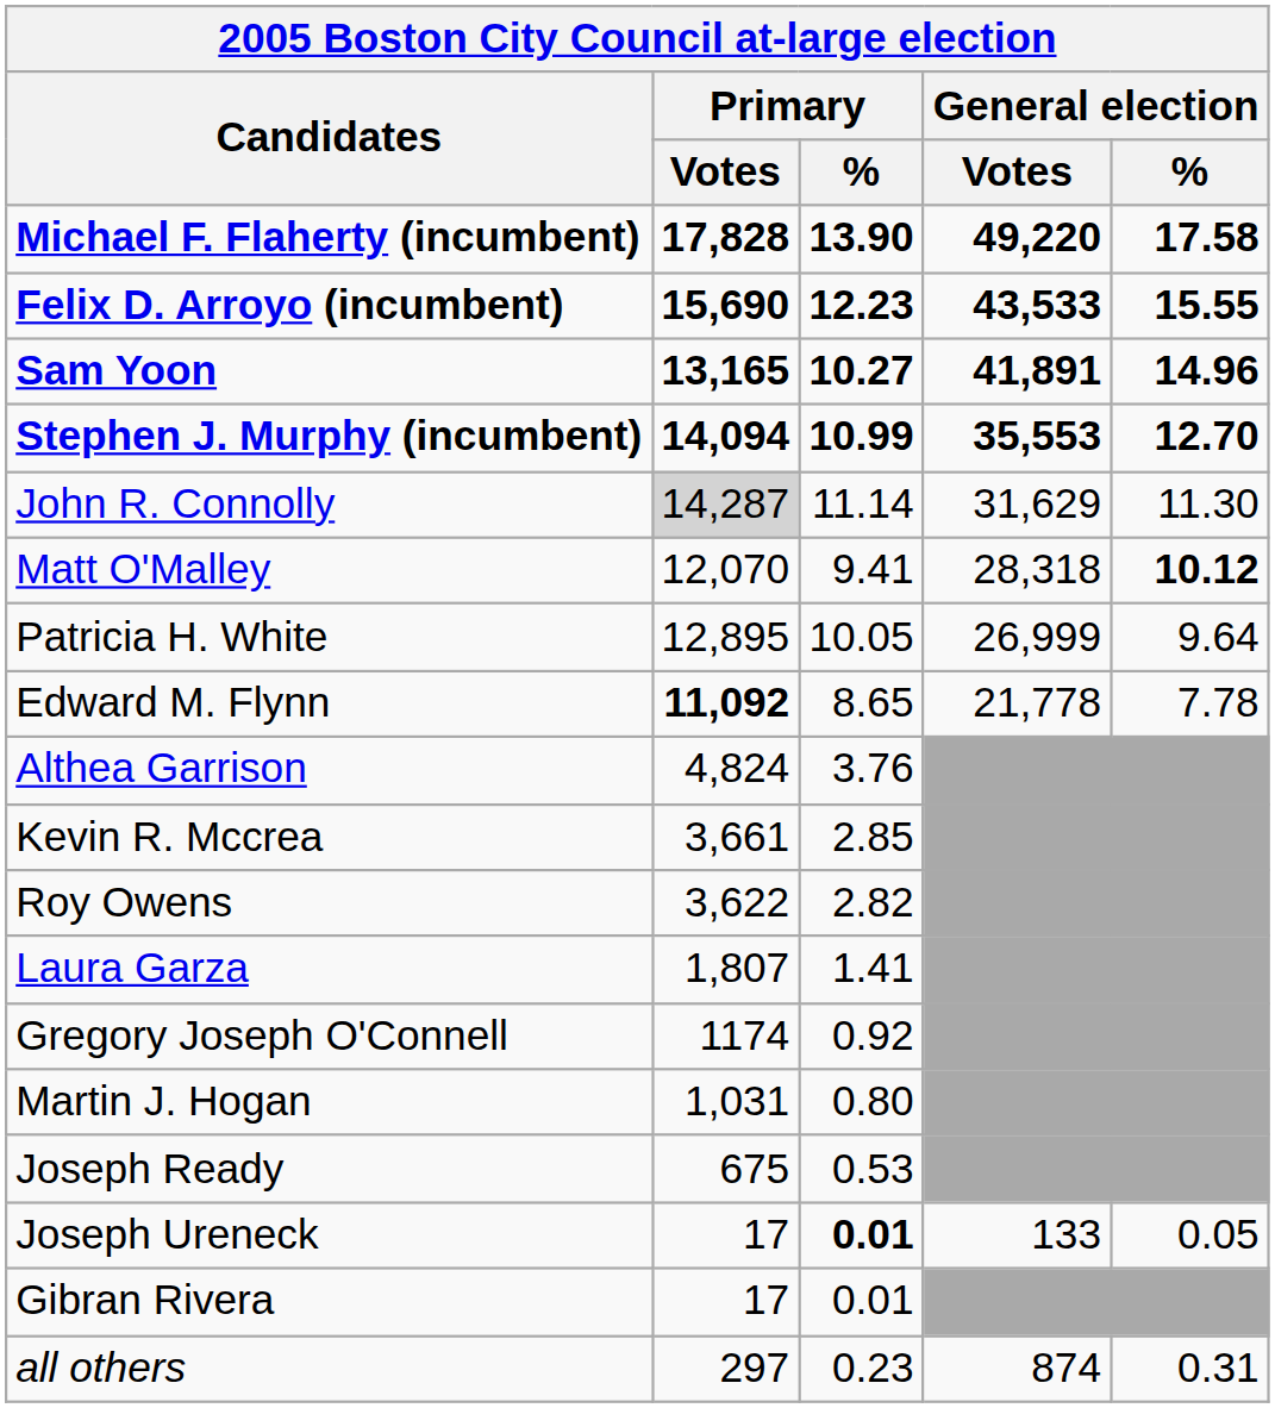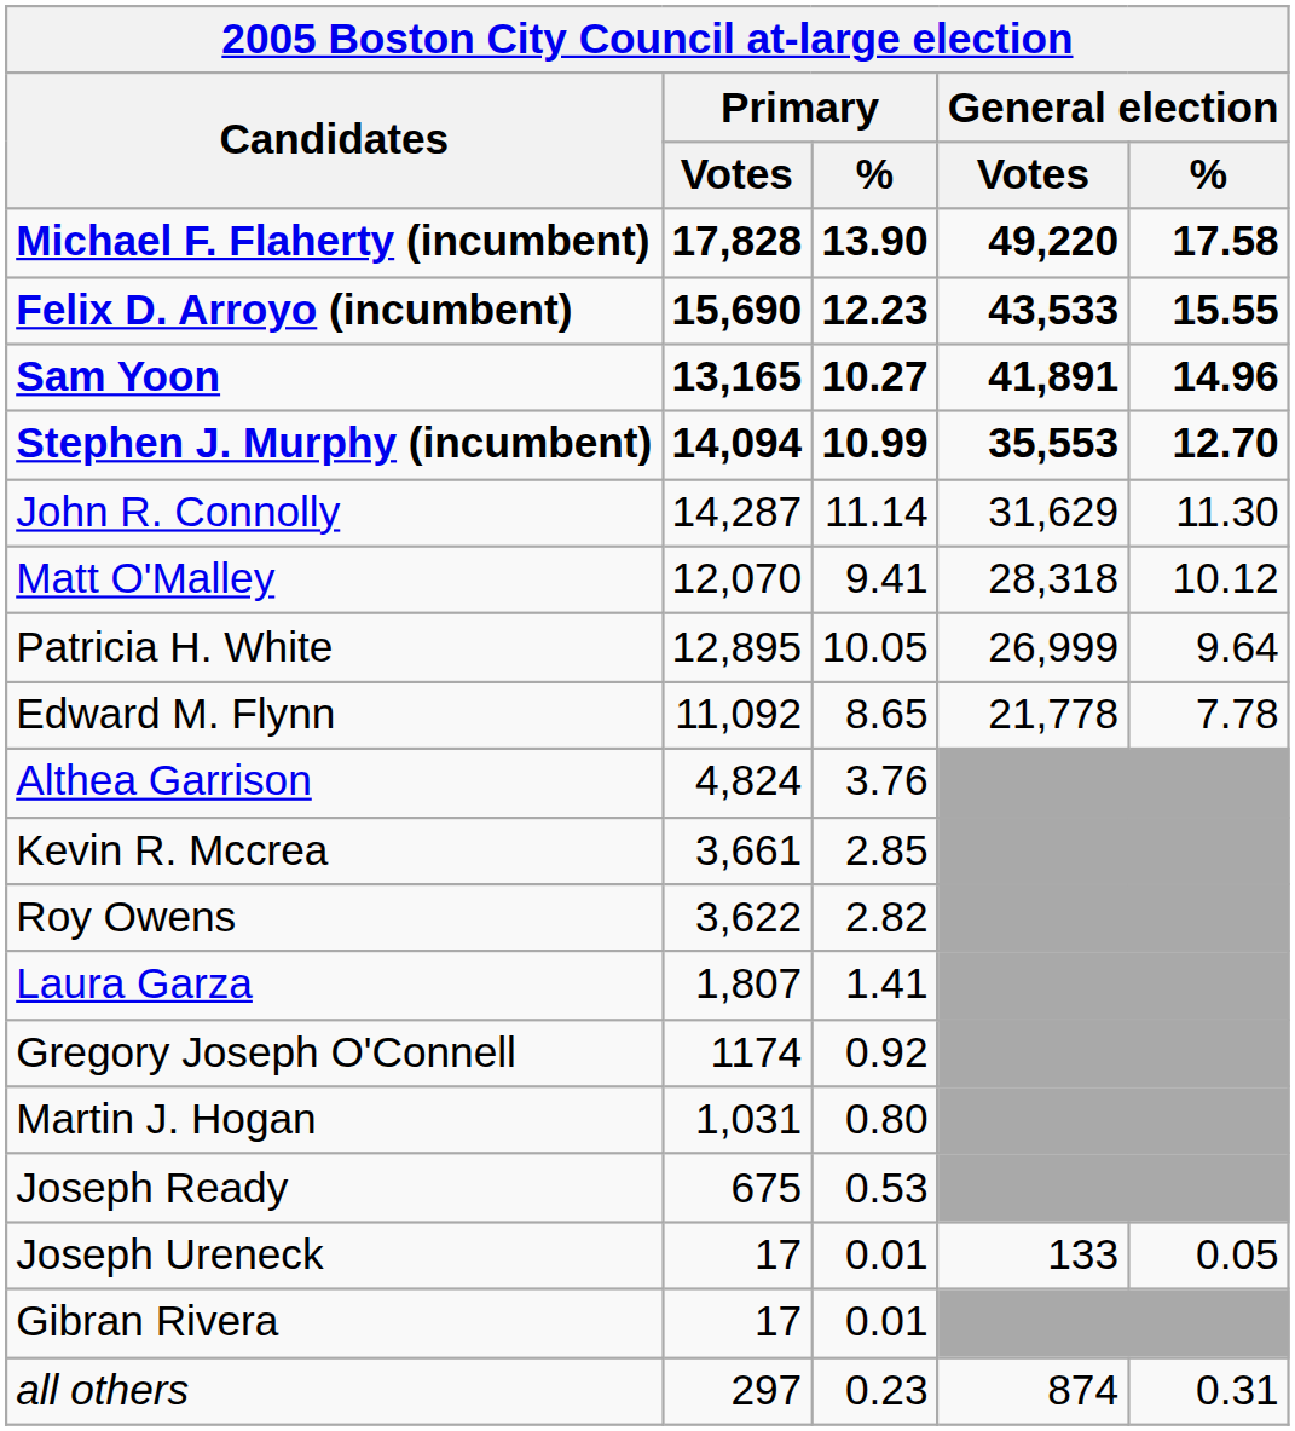 <table class=wikitable>
 <tr>
 <th colspan=5><a href='#'>2005 Boston City Council at-large election</a></th>
 </tr>
 <tr>
 <th colspan=1 rowspan=2><strong>Candidates</strong></th>
 <th colspan=2><strong>Primary</strong></th>
 <th colspan=2><strong>General election</strong></th>
 </tr>
 <tr>
 <th>Votes</th>
 <th>%</th>
 <th>Votes</th>
 <th>%</th>
 </tr>
 <tr>
 <td><strong><a href='#'>Michael F. Flaherty</a> (incumbent)</strong></td>
 <td align="right"><strong>17,828</strong></td>
 <td align="right"><strong>13.90</strong></td>
 <td align="right"><strong>49,220</strong></td>
 <td align="right"><strong>17.58</strong></td>
 </tr>
 <tr>
 <td><strong><a href='#'>Felix D. Arroyo</a> (incumbent)</strong></td>
 <td align="right"><strong>15,690</strong></td>
 <td align="right"><strong>12.23</strong></td>
 <td align="right"><strong>43,533</strong></td>
 <td align="right"><strong>15.55</strong></td>
 </tr>
 <tr>
 <td><strong><a href='#'>Sam Yoon</a></strong></td>
 <td align="right"><strong>13,165</strong></td>
 <td align="right"><strong>10.27</strong></td>
 <td align="right"><strong>41,891</strong></td>
 <td align="right"><strong>14.96</strong></td>
 </tr>
 <tr>
 <td><strong><a href='#'>Stephen J. Murphy</a> (incumbent)</strong></td>
 <td align="right"><strong>14,094</strong></td>
 <td align="right"><strong>10.99</strong></td>
 <td align="right"><strong>35,553</strong></td>
 <td align="right"><strong>12.70</strong></td>
 </tr>
 <tr>
 <td><a href='#'>John R. Connolly</a></td>
-<td align="right" style="background: lightgrey;">14,287</td>
+<td align="right">14,287</td>
 <td align="right">11.14</td>
 <td align="right">31,629</td>
 <td align="right">11.30</td>
 </tr>
 <tr>
 <td><a href='#'>Matt O'Malley</a></td>
 <td align="right">12,070</td>
 <td align="right">9.41</td>
 <td align="right">28,318</td>
-<td align="right"><strong>10.12</strong></td>
+<td align="right">10.12</td>
 </tr>
 <tr>
 <td>Patricia H. White</td>
 <td align="right">12,895</td>
 <td align="right">10.05</td>
 <td align="right">26,999</td>
 <td align="right">9.64</td>
 </tr>
 <tr>
 <td>Edward M. Flynn</td>
-<td align="right"><strong>11,092</strong></td>
+<td align="right">11,092</td>
 <td align="right">8.65</td>
 <td align="right">21,778</td>
 <td align="right">7.78</td>
 </tr>
 <tr>
 <td><a href='#'>Althea Garrison</a></td>
 <td align="right">4,824</td>
 <td align="right">3.76</td>
 <td colspan=2 bgcolor=darkgray> </td>
 </tr>
 <tr>
 <td>Kevin R. Mccrea</td>
 <td align="right">3,661</td>
 <td align="right">2.85</td>
 <td colspan=2 bgcolor=darkgray> </td>
 </tr>
 <tr>
 <td>Roy Owens</td>
 <td align="right">3,622</td>
 <td align="right">2.82</td>
 <td colspan=2 bgcolor=darkgray> </td>
 </tr>
 <tr>
 <td><a href='#'>Laura Garza</a></td>
 <td align="right">1,807</td>
 <td align="right">1.41</td>
 <td colspan=2 bgcolor=darkgray> </td>
 </tr>
 <tr>
 <td>Gregory Joseph O'Connell</td>
 <td align="right">1174</td>
 <td align="right">0.92</td>
 <td colspan=2 bgcolor=darkgray> </td>
 </tr>
 <tr>
 <td>Martin J. Hogan</td>
 <td align="right">1,031</td>
 <td align="right">0.80</td>
 <td colspan=2 bgcolor=darkgray> </td>
 </tr>
 <tr>
 <td>Joseph Ready</td>
 <td align="right">675</td>
 <td align="right">0.53</td>
 <td colspan=2 bgcolor=darkgray> </td>
 </tr>
 <tr>
 <td>Joseph Ureneck</td>
 <td align="right">17</td>
-<td align="right"><strong>0.01</strong></td>
+<td align="right">0.01</td>
 <td align="right">133</td>
 <td align="right">0.05</td>
 </tr>
 <tr>
 <td>Gibran Rivera</td>
 <td align="right">17</td>
 <td align="right">0.01</td>
 <td colspan=2 bgcolor=darkgray> </td>
 </tr>
 <tr>
 <td><em>all others</em></td>
 <td align="right">297</td>
 <td align="right">0.23</td>
 <td align="right">874</td>
 <td align="right">0.31</td>
 </tr>
 </table>
